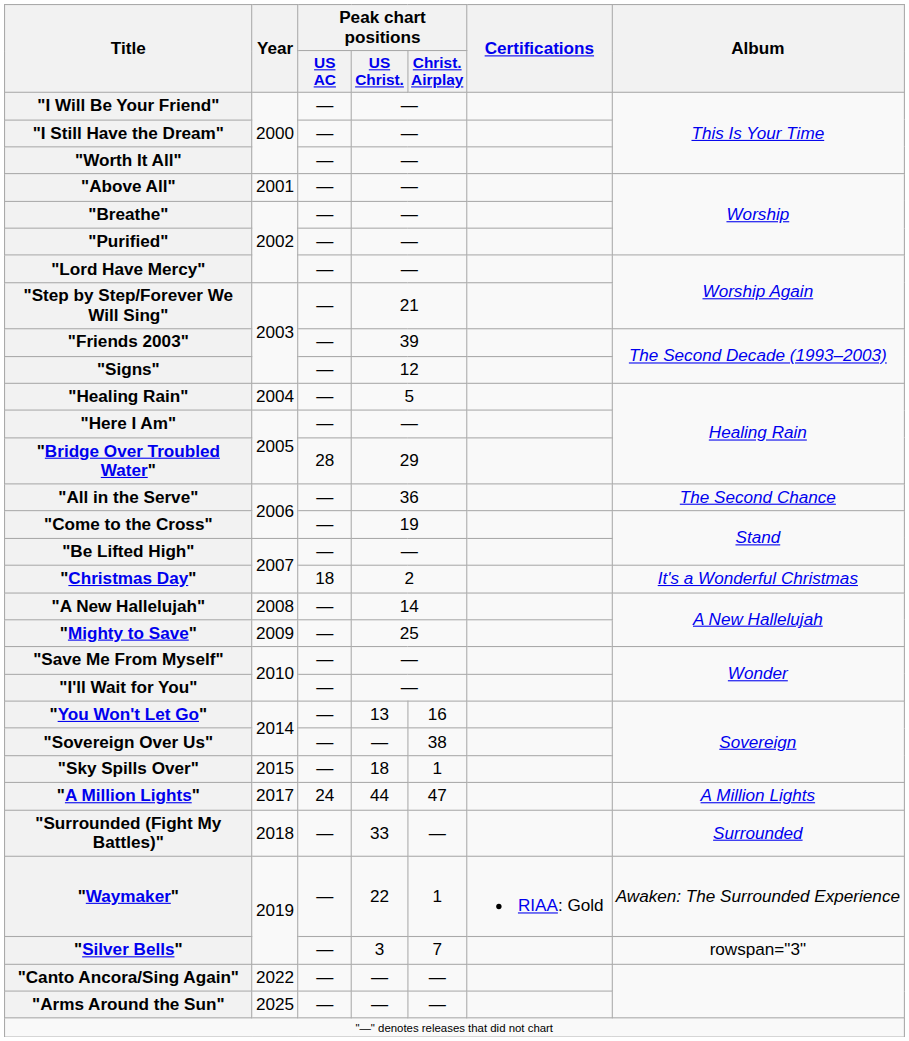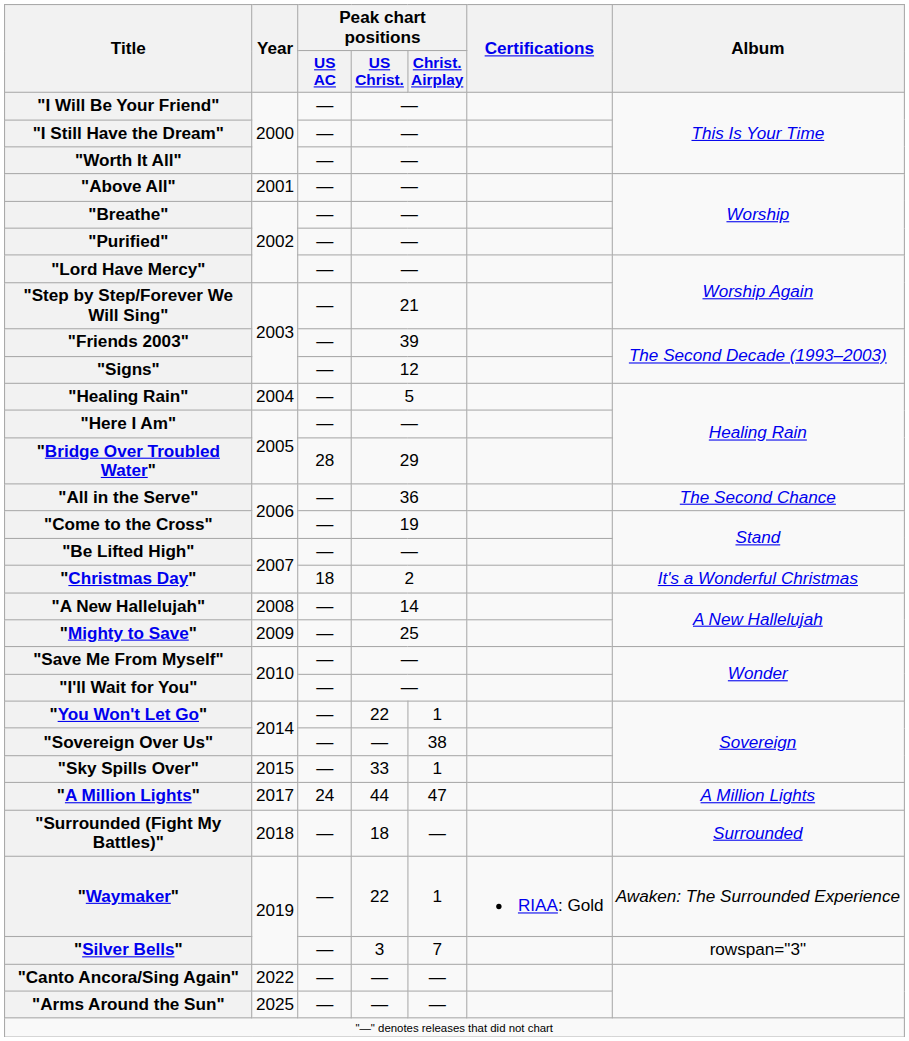 <table class="wikitable plainrowheaders" style="text-align:center;">
 <tr>
 <th scope="col" rowspan="2" style="width:14em;">Title</th>
 <th scope="col" rowspan="2" style="width:1em;">Year</th>
 <th scope="col" colspan="3">Peak chart positions</th>
 <th scope="col" rowspan="2" style="width:8em;"><a href='#'>Certifications</a></th>
 <th scope="col" rowspan="2">Album</th>
 </tr>
 <tr>
 <th style="width:3em; font-size:90%"><a href='#'>US<br>AC</a><br></th>
 <th style="width:3em; font-size:90%"><a href='#'>US Christ.</a><br></th>
 <th style="width:3em; font-size:90%"><a href='#'>Christ. Airplay</a><br></th>
 </tr>
 <tr>
 <th scope="row">"I Will Be Your Friend"</th>
 <td rowspan="3">2000</td>
 <td>—</td>
 <td colspan="2">—</td>
 <td></td>
 <td rowspan="3"><em><a href='#'>This Is Your Time</a></em></td>
 </tr>
 <tr>
 <th scope="row">"I Still Have the Dream"</th>
 <td>—</td>
 <td colspan="2">—</td>
 <td></td>
 </tr>
 <tr>
 <th scope="row">"Worth It All"</th>
 <td>—</td>
 <td colspan="2">—</td>
 <td></td>
 </tr>
 <tr>
 <th scope="row">"Above All"</th>
 <td>2001</td>
 <td>—</td>
 <td colspan="2">—</td>
 <td></td>
 <td rowspan="3"><em><a href='#'>Worship</a></em></td>
 </tr>
 <tr>
 <th scope="row">"Breathe"</th>
 <td rowspan="3">2002</td>
 <td>—</td>
 <td colspan="2">—</td>
 <td></td>
 </tr>
 <tr>
 <th scope="row">"Purified"</th>
 <td>—</td>
 <td colspan="2">—</td>
 <td></td>
 </tr>
 <tr>
 <th scope="row">"Lord Have Mercy"</th>
 <td>—</td>
 <td colspan="2">—</td>
 <td></td>
 <td rowspan="2"><em><a href='#'>Worship Again</a></em></td>
 </tr>
 <tr>
 <th scope="row">"Step by Step/Forever We Will Sing"</th>
 <td rowspan="3">2003</td>
 <td>—</td>
 <td colspan="2">21</td>
 <td></td>
 </tr>
 <tr>
 <th scope="row">"Friends 2003"</th>
 <td>—</td>
 <td colspan="2">39</td>
 <td></td>
 <td rowspan="2"><em><a href='#'>The Second Decade (1993–2003)</a></em></td>
 </tr>
 <tr>
 <th scope="row">"Signs"</th>
 <td>—</td>
 <td colspan="2">12</td>
 </tr>
 <tr>
 <th scope="row">"Healing Rain"</th>
 <td>2004</td>
 <td>—</td>
 <td colspan="2">5</td>
 <td></td>
 <td rowspan="3"><em><a href='#'>Healing Rain</a></em></td>
 </tr>
 <tr>
 <th scope="row">"Here I Am"</th>
 <td rowspan="2">2005</td>
 <td>—</td>
 <td colspan="2">—</td>
 <td></td>
 </tr>
 <tr>
 <th scope="row">"<a href='#'>Bridge Over Troubled Water</a>"</th>
 <td>28</td>
 <td colspan="2">29</td>
 <td></td>
 </tr>
 <tr>
 <th scope="row">"All in the Serve"</th>
 <td rowspan="2">2006</td>
 <td>—</td>
 <td colspan="2">36</td>
 <td></td>
 <td><em><a href='#'>The Second Chance</a></em></td>
 </tr>
 <tr>
 <th scope="row">"Come to the Cross"</th>
 <td>—</td>
 <td colspan="2">19</td>
 <td></td>
 <td rowspan="2"><em><a href='#'>Stand</a></em></td>
 </tr>
 <tr>
 <th scope="row">"Be Lifted High"</th>
 <td rowspan="2">2007</td>
 <td>—</td>
 <td colspan="2">—</td>
 <td></td>
 </tr>
 <tr>
 <th scope="row">"<a href='#'>Christmas Day</a>"<br></th>
 <td>18</td>
 <td colspan="2">2</td>
 <td></td>
 <td><em><a href='#'>It's a Wonderful Christmas</a></em></td>
 </tr>
 <tr>
 <th scope="row">"A New Hallelujah"<br></th>
 <td>2008</td>
 <td>—</td>
 <td colspan="2">14</td>
 <td></td>
 <td rowspan="2"><em><a href='#'>A New Hallelujah</a></em></td>
 </tr>
 <tr>
 <th scope="row">"<a href='#'>Mighty to Save</a>"</th>
 <td>2009</td>
 <td>—</td>
 <td colspan="2">25</td>
 <td></td>
 </tr>
 <tr>
 <th scope="row">"Save Me From Myself"</th>
 <td rowspan="2">2010</td>
 <td>—</td>
 <td colspan="2">—</td>
 <td></td>
 <td rowspan="2"><em><a href='#'>Wonder</a></em></td>
 </tr>
 <tr>
 <th scope="row">"I'll Wait for You"</th>
 <td>—</td>
 <td colspan="2">—</td>
 <td></td>
 </tr>
 <tr>
 <th scope="row">"<a href='#'>You Won't Let Go</a>"</th>
 <td rowspan="2">2014</td>
 <td>—</td>
-<td>13</td>
-<td>16</td>
+<td>22</td>
+<td>1</td>
 <td></td>
 <td rowspan="3"><em><a href='#'>Sovereign</a></em></td>
 </tr>
 <tr>
 <th scope="row">"Sovereign Over Us"</th>
 <td>—</td>
 <td>—</td>
 <td>38</td>
 <td></td>
 </tr>
 <tr>
 <th scope="row">"Sky Spills Over"</th>
 <td>2015</td>
 <td>—</td>
-<td>18</td>
+<td>33</td>
 <td>1</td>
 <td></td>
 </tr>
 <tr>
 <th scope="row">"<a href='#'>A Million Lights</a>"</th>
 <td>2017</td>
 <td>24</td>
 <td>44</td>
 <td>47</td>
 <td></td>
 <td><em><a href='#'>A Million Lights</a></em></td>
 </tr>
 <tr>
 <th scope="row">"Surrounded (Fight My Battles)"</th>
 <td>2018</td>
 <td>—</td>
-<td>33</td>
+<td>18</td>
 <td>—</td>
 <td></td>
 <td><em><a href='#'>Surrounded</a></em></td>
 </tr>
 <tr>
 <th scope="row">"<a href='#'>Waymaker</a>"<br></th>
 <td rowspan="2">2019</td>
 <td>—</td>
 <td>22</td>
 <td>1</td>
 <td><br><ul><li><a href='#'>RIAA</a>: Gold</li></ul></td>
 <td><em>Awaken: The Surrounded Experience</em></td>
 </tr>
 <tr>
 <th scope="row">"<a href='#'>Silver Bells</a>"<br></th>
 <td>—</td>
 <td>3</td>
 <td>7</td>
 <td></td>
 <td>rowspan="3" </td>
 </tr>
 <tr>
 <th scope="row">"Canto Ancora/Sing Again"<br></th>
 <td>2022</td>
 <td>—</td>
 <td>—</td>
 <td>—</td>
 <td></td>
 </tr>
 <tr>
 <th scope="row">"Arms Around the Sun"</th>
 <td>2025</td>
 <td>—</td>
 <td>—</td>
 <td>—</td>
 <td></td>
 </tr>
 <tr>
 <td colspan="13" style="font-size:8pt">"—" denotes releases that did not chart</td>
 </tr>
 </table>
